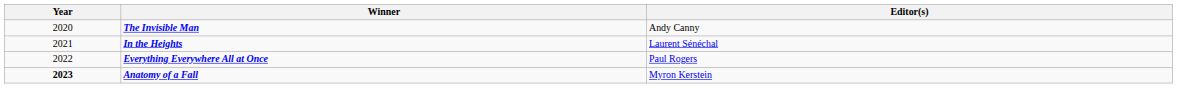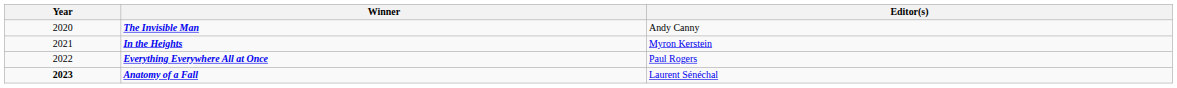 <table class="wikitable" width="95%" cellpadding="5">
 <tr>
 <th width="10%">Year</th>
 <th width="45%">Winner</th>
 <th width="45%">Editor(s)</th>
 </tr>
 <tr>
 <td align="center">2020</td>
 <td><strong><em><a href='#'>The Invisible Man</a></em></strong></td>
 <td>Andy Canny</td>
 </tr>
 <tr>
 <td style="text-align:center">2021</td>
 <td><strong><em><a href='#'>In the Heights</a></em></strong></td>
-<td><a href='#'>Laurent Sénéchal</a></td>
+<td><a href='#'>Myron Kerstein</a></td>
 </tr>
 <tr>
 <td style="text-align:center">2022</td>
 <td><strong><em><a href='#'>Everything Everywhere All at Once</a></em></strong></td>
 <td><a href='#'>Paul Rogers</a></td>
 </tr>
 <tr>
 <td style="text-align:center"><strong>2023</strong></td>
 <td><strong><em><a href='#'>Anatomy of a Fall</a></em></strong></td>
-<td><a href='#'>Myron Kerstein</a></td>
+<td><a href='#'>Laurent Sénéchal</a></td>
 </tr>
 </table>
